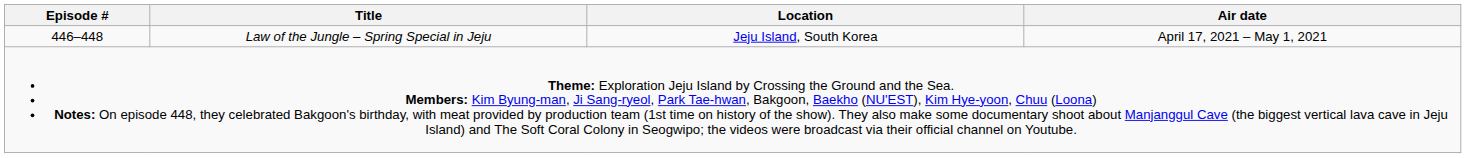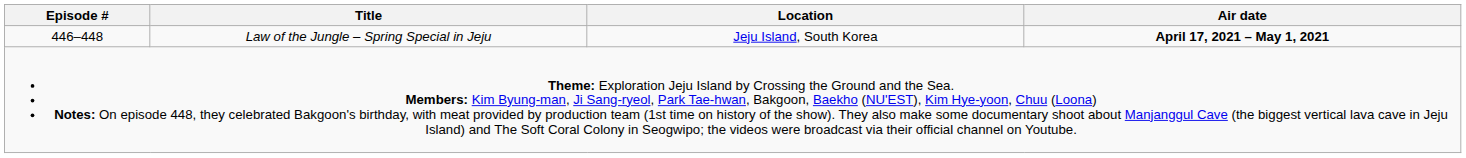 <table class="wikitable" style="text-align:center; font-size:90%; width:100%;">
 <tr>
 <th width="10%">Episode #</th>
 <th width="30%">Title</th>
 <th width="30%">Location</th>
 <th width="30%">Air date</th>
 </tr>
 <tr>
 <td>446–448</td>
 <td><em>Law of the Jungle – Spring Special in Jeju</em></td>
 <td><a href='#'>Jeju Island</a>, South Korea</td>
-<td>April 17, 2021 – May 1, 2021</td>
+<td><strong>April 17, 2021 – May 1, 2021</strong></td>
 </tr>
 <tr>
 <td colspan="4"><br><ul><li><strong>Theme:</strong> Exploration Jeju Island by Crossing the Ground and the Sea.</li><li><strong>Members:</strong> <a href='#'>Kim Byung-man</a>, <a href='#'>Ji Sang-ryeol</a>, <a href='#'>Park Tae-hwan</a>, Bakgoon, <a href='#'>Baekho</a> (<a href='#'>NU'EST</a>), <a href='#'>Kim Hye-yoon</a>, <a href='#'>Chuu</a> (<a href='#'>Loona</a>)</li><li><strong>Notes:</strong> On episode 448, they celebrated Bakgoon's birthday, with meat provided by production team (1st time on history of the show). They also make some documentary shoot about <a href='#'>Manjanggul Cave</a> (the biggest vertical lava cave in Jeju Island) and The Soft Coral Colony in Seogwipo; the videos were broadcast via their official channel on Youtube.</li></ul></td>
 </tr>
 </table>
